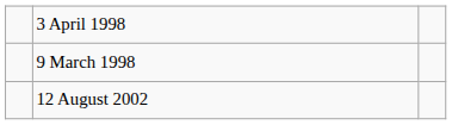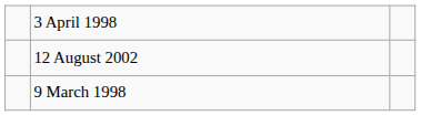 <table class="wikitable" style="font-size: 89%; float: left; width: 25em; margin-right: 1em; line-height: 1.65em !important;">
 <tr>
 <td></td>
 <td>3 April 1998</td>
 <td></td>
 </tr>
 <tr>
 <td></td>
-<td>9 March 1998</td>
+<td>12 August 2002</td>
 <td></td>
 </tr>
 <tr>
 <td></td>
-<td>12 August 2002</td>
+<td>9 March 1998</td>
 <td></td>
 </tr>
 </table>
